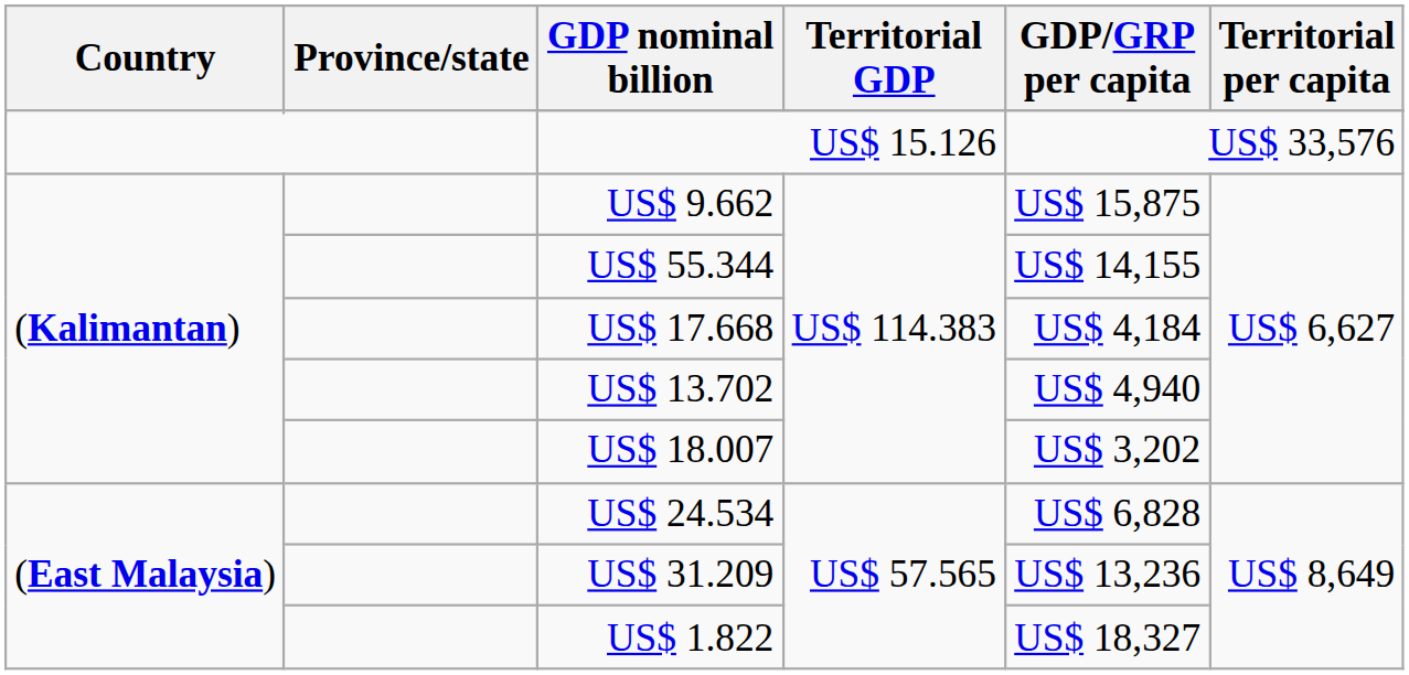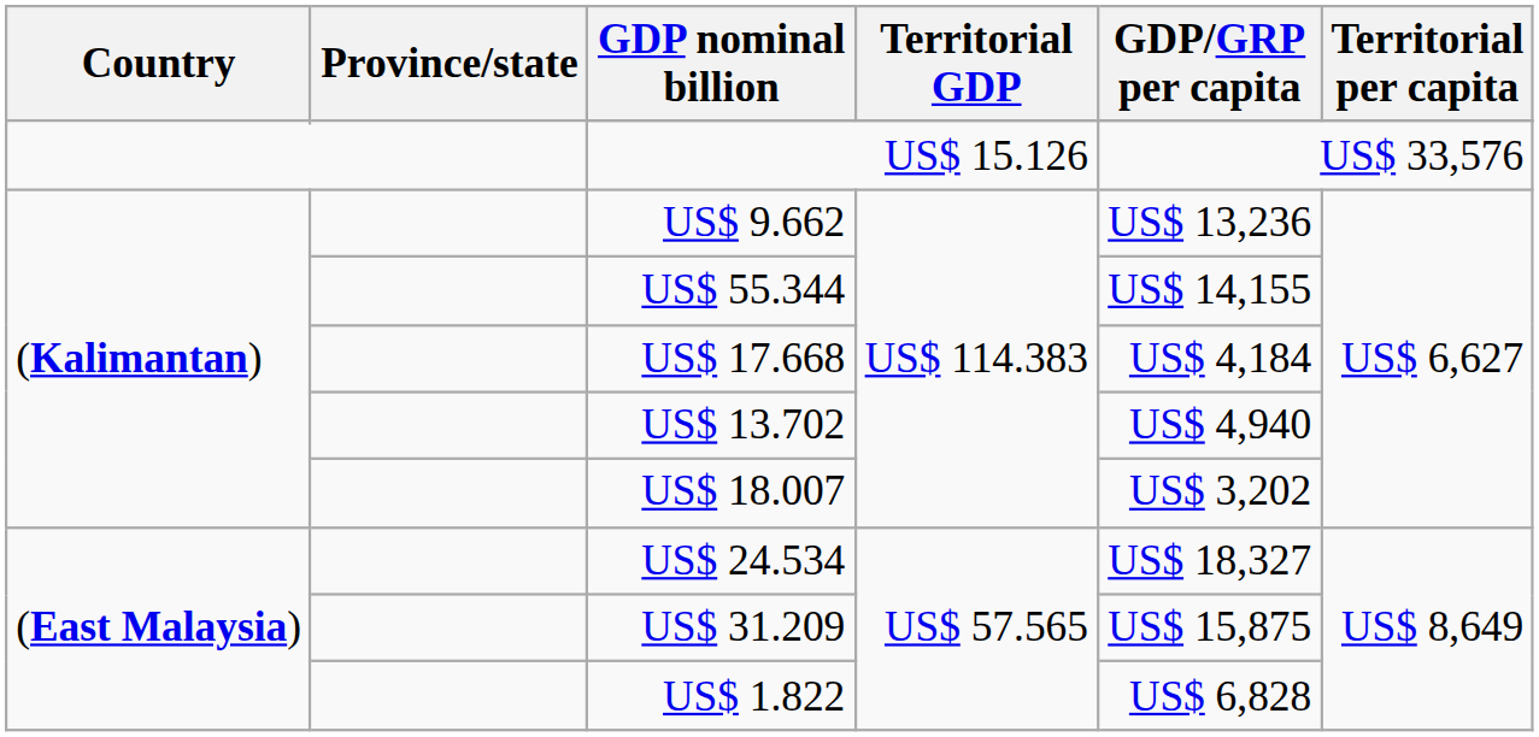 <table class="wikitable sortable">
 <tr>
 <th rowspan="2">Country</th>
 <th rowspan="2">Province/state</th>
 <th style="background-color:#" data-sort-type="number"><a href='#'>GDP</a> nominal<br>billion</th>
 <th style="background-color:#" data-sort-type="number">Territorial<br><a href='#'>GDP</a></th>
 <th style="background-color:#" data-sort-type="number">GDP/<a href='#'>GRP</a><br>per capita</th>
 <th style="background-color:#" data-sort-type="number">Territorial<br>per capita</th>
 </tr>
 <tr>
 </tr>
 <tr>
 <td colspan="2"><strong></strong></td>
 <td colspan="2" style="text-align:right;"><a href='#'>US$</a> 15.126</td>
 <td colspan="2" style="text-align:right;"><a href='#'>US$</a> 33,576</td>
 </tr>
 <tr>
 <td rowspan="5"><strong></strong> (<strong><a href='#'>Kalimantan</a></strong>)</td>
 <td></td>
 <td style="text-align:right;"><a href='#'>US$</a> 9.662</td>
 <td rowspan="5" style="text-align:right;"><a href='#'>US$</a> 114.383</td>
-<td style="text-align:right;"><a href='#'>US$</a> 15,875</td>
+<td style="text-align:right;"><a href='#'>US$</a> 13,236</td>
 <td rowspan="5" style="text-align:right;"><a href='#'>US$</a> 6,627</td>
 </tr>
 <tr>
 <td></td>
 <td style="text-align:right;"><a href='#'>US$</a> 55.344</td>
 <td style="text-align:right;"><a href='#'>US$</a> 14,155</td>
 </tr>
 <tr>
 <td></td>
 <td style="text-align:right;"><a href='#'>US$</a> 17.668</td>
 <td style="text-align:right;"><a href='#'>US$</a> 4,184</td>
 </tr>
 <tr>
 <td></td>
 <td style="text-align:right;"><a href='#'>US$</a> 13.702</td>
 <td style="text-align:right;"><a href='#'>US$</a> 4,940</td>
 </tr>
 <tr>
 <td></td>
 <td style="text-align:right;"><a href='#'>US$</a> 18.007</td>
 <td style="text-align:right;"><a href='#'>US$</a> 3,202</td>
 </tr>
 <tr>
 <td rowspan="3"><strong></strong> (<strong><a href='#'>East Malaysia</a></strong>)</td>
 <td></td>
 <td style="text-align:right;"><a href='#'>US$</a> 24.534</td>
 <td rowspan="3" style="text-align:right;"><a href='#'>US$</a> 57.565</td>
-<td style="text-align:right;"><a href='#'>US$</a> 6,828</td>
+<td style="text-align:right;"><a href='#'>US$</a> 18,327</td>
 <td rowspan="3" style="text-align:right;"><a href='#'>US$</a> 8,649</td>
 </tr>
 <tr>
 <td></td>
 <td style="text-align:right;"><a href='#'>US$</a> 31.209</td>
-<td style="text-align:right;"><a href='#'>US$</a> 13,236</td>
+<td style="text-align:right;"><a href='#'>US$</a> 15,875</td>
 </tr>
 <tr>
 <td></td>
 <td style="text-align:right;"><a href='#'>US$</a> 1.822</td>
-<td style="text-align:right;"><a href='#'>US$</a> 18,327</td>
+<td style="text-align:right;"><a href='#'>US$</a> 6,828</td>
 </tr>
 </table>
